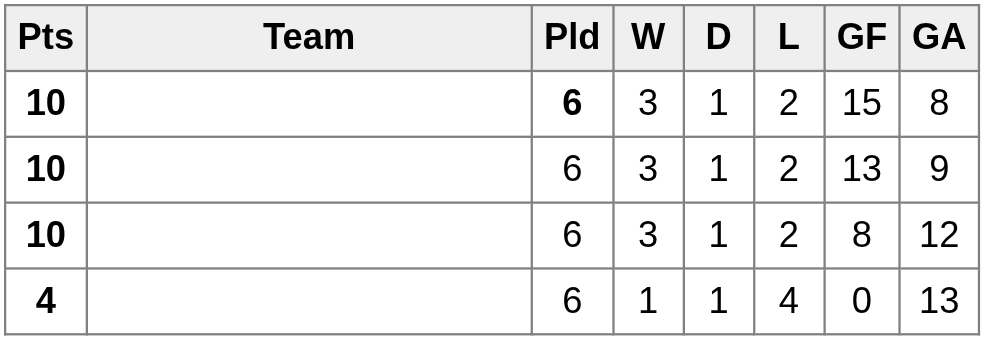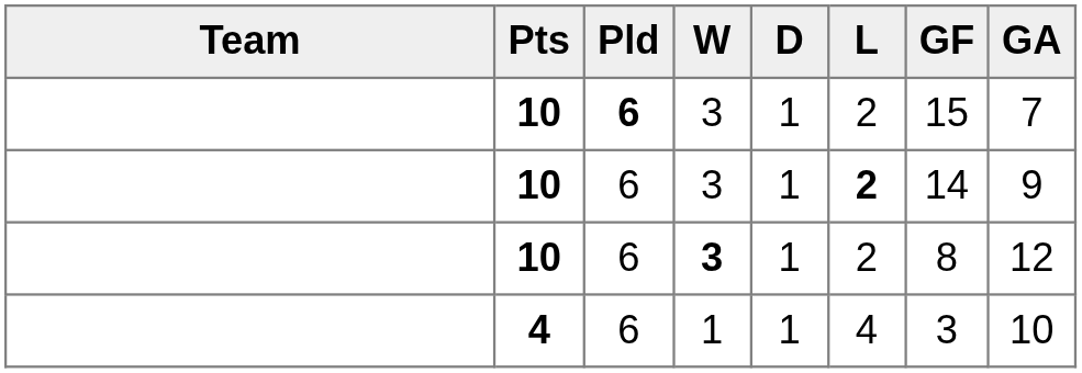 <table style=border-collapse:collapse border=1 cellspacing=0 cellpadding=5>
 <tr align=center bgcolor=#efefef>
+<th width=185>Team</th>
 <th width=20>Pts</th>
-<th width=185>Team</th>
 <th width=20>Pld</th>
 <th width=20>W</th>
 <th width=20>D</th>
 <th width=20>L</th>
 <th width=20>GF</th>
 <th width=20>GA</th>
 </tr>
 <tr align=center>
+<td align=left><strong></strong></td>
 <td><strong>10</strong></td>
-<td align=left><strong></strong></td>
 <td><strong>6</strong></td>
 <td>3</td>
 <td>1</td>
 <td>2</td>
 <td>15</td>
-<td>8</td>
+<td>7</td>
 </tr>
 <tr align=center>
+<td align=left></td>
 <td><strong>10</strong></td>
-<td align=left></td>
 <td>6</td>
 <td>3</td>
 <td>1</td>
-<td>2</td>
-<td>13</td>
+<td><strong>2</strong></td>
+<td>14</td>
 <td>9</td>
 </tr>
 <tr align=center>
+<td align=left></td>
 <td><strong>10</strong></td>
-<td align=left></td>
 <td>6</td>
-<td>3</td>
+<td><strong>3</strong></td>
 <td>1</td>
 <td>2</td>
 <td>8</td>
 <td>12</td>
 </tr>
 <tr align=center>
+<td align=left></td>
 <td><strong>4</strong></td>
-<td align=left></td>
 <td>6</td>
 <td>1</td>
 <td>1</td>
 <td>4</td>
-<td>0</td>
-<td>13</td>
+<td>3</td>
+<td>10</td>
 </tr>
 </table>
